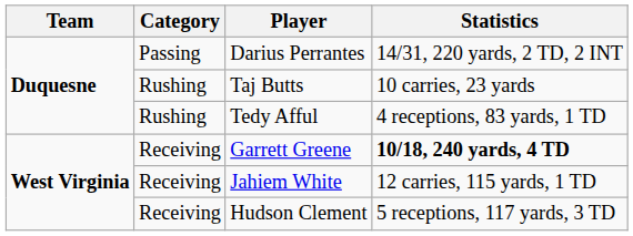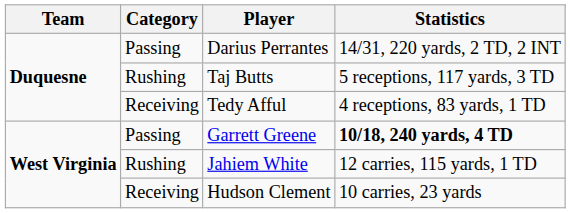 <table class="wikitable" style="float: right;">
 <tr>
 <th>Team</th>
 <th>Category</th>
 <th>Player</th>
 <th>Statistics</th>
 </tr>
 <tr>
 <td rowspan=3><strong>Duquesne</strong></td>
 <td>Passing</td>
 <td>Darius Perrantes</td>
 <td>14/31, 220 yards, 2 TD, 2 INT</td>
 </tr>
 <tr>
 <td>Rushing</td>
 <td>Taj Butts</td>
-<td>10 carries, 23 yards</td>
+<td>5 receptions, 117 yards, 3 TD</td>
 </tr>
 <tr>
-<td>Rushing</td>
+<td>Receiving</td>
 <td>Tedy Afful</td>
 <td>4 receptions, 83 yards, 1 TD</td>
 </tr>
 <tr>
 <td rowspan=3><strong>West Virginia</strong></td>
-<td>Receiving</td>
+<td>Passing</td>
 <td><a href='#'>Garrett Greene</a></td>
 <td><strong>10/18, 240 yards, 4 TD</strong></td>
 </tr>
 <tr>
-<td>Receiving</td>
+<td>Rushing</td>
 <td><a href='#'>Jahiem White</a></td>
 <td>12 carries, 115 yards, 1 TD</td>
 </tr>
 <tr>
 <td>Receiving</td>
 <td>Hudson Clement</td>
-<td>5 receptions, 117 yards, 3 TD</td>
+<td>10 carries, 23 yards</td>
 </tr>
 </table>
